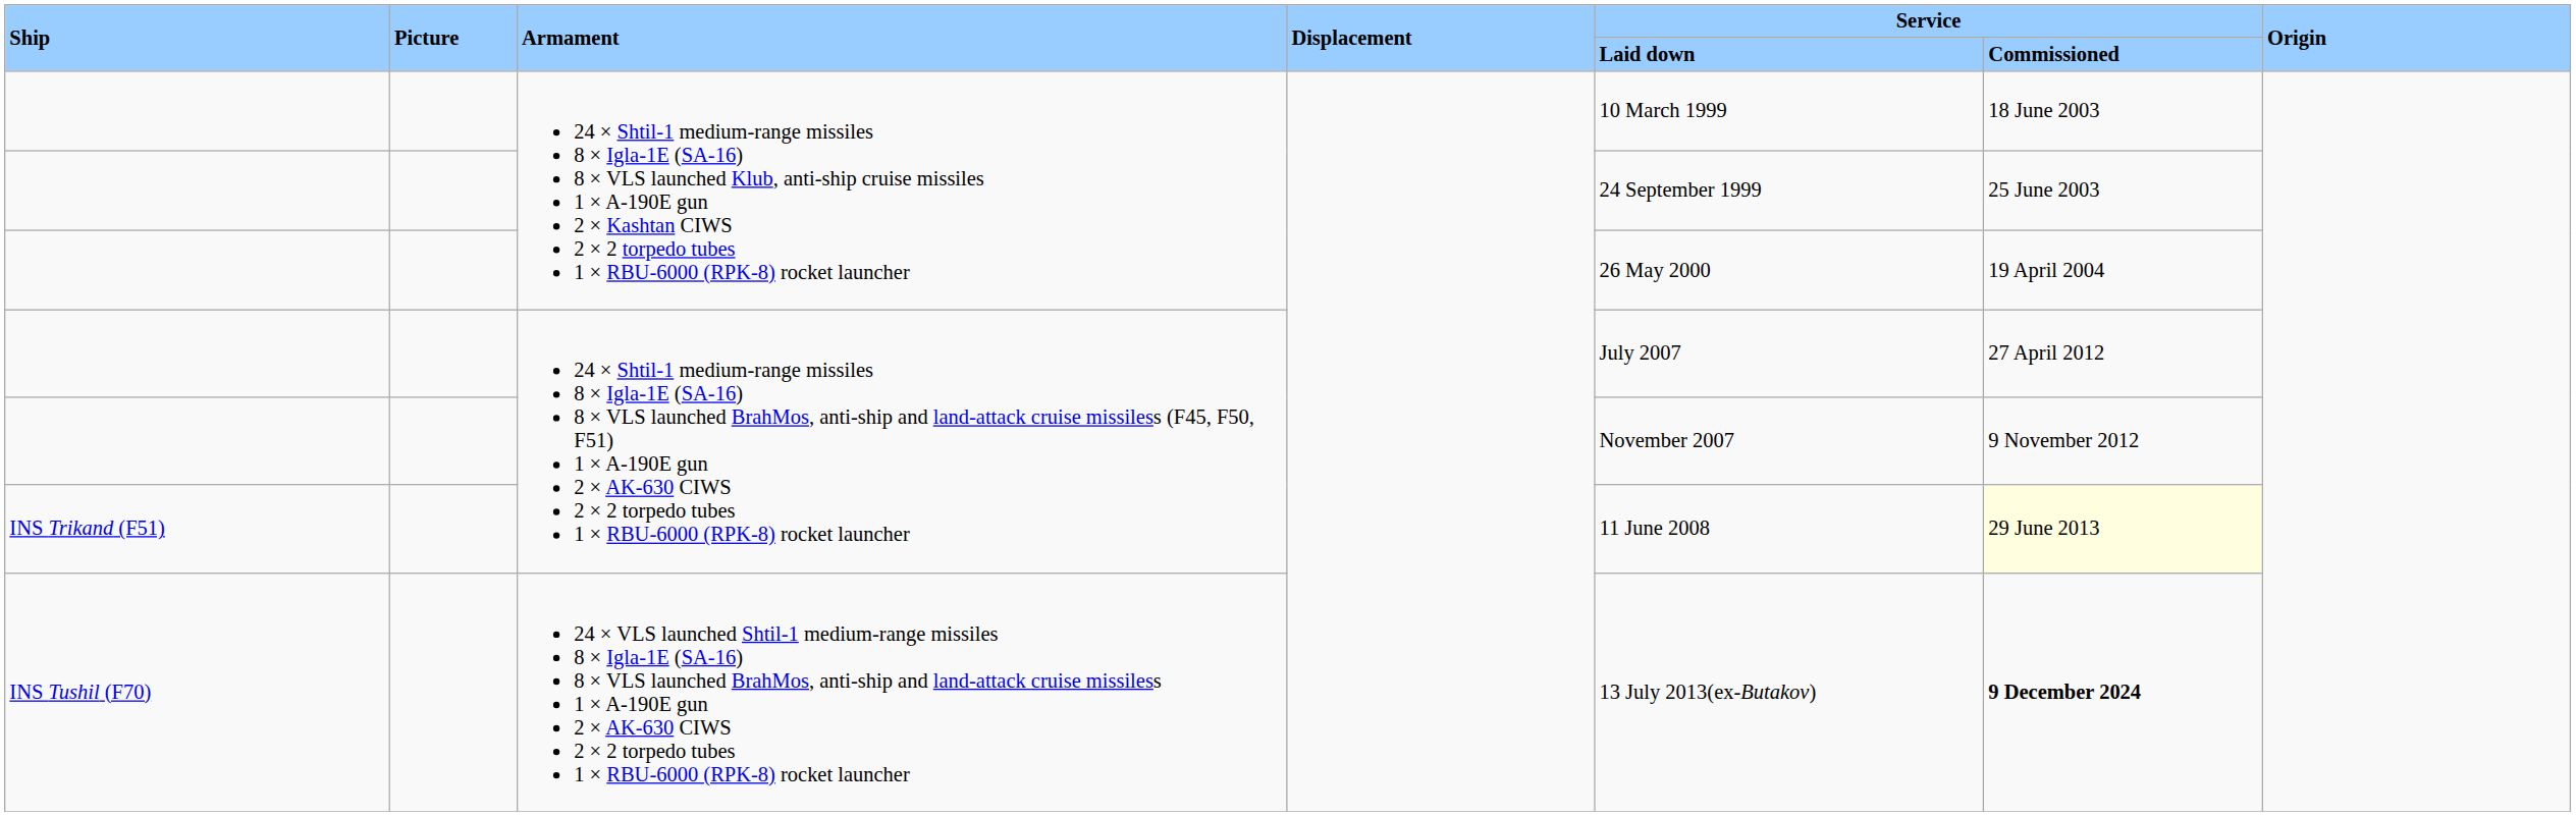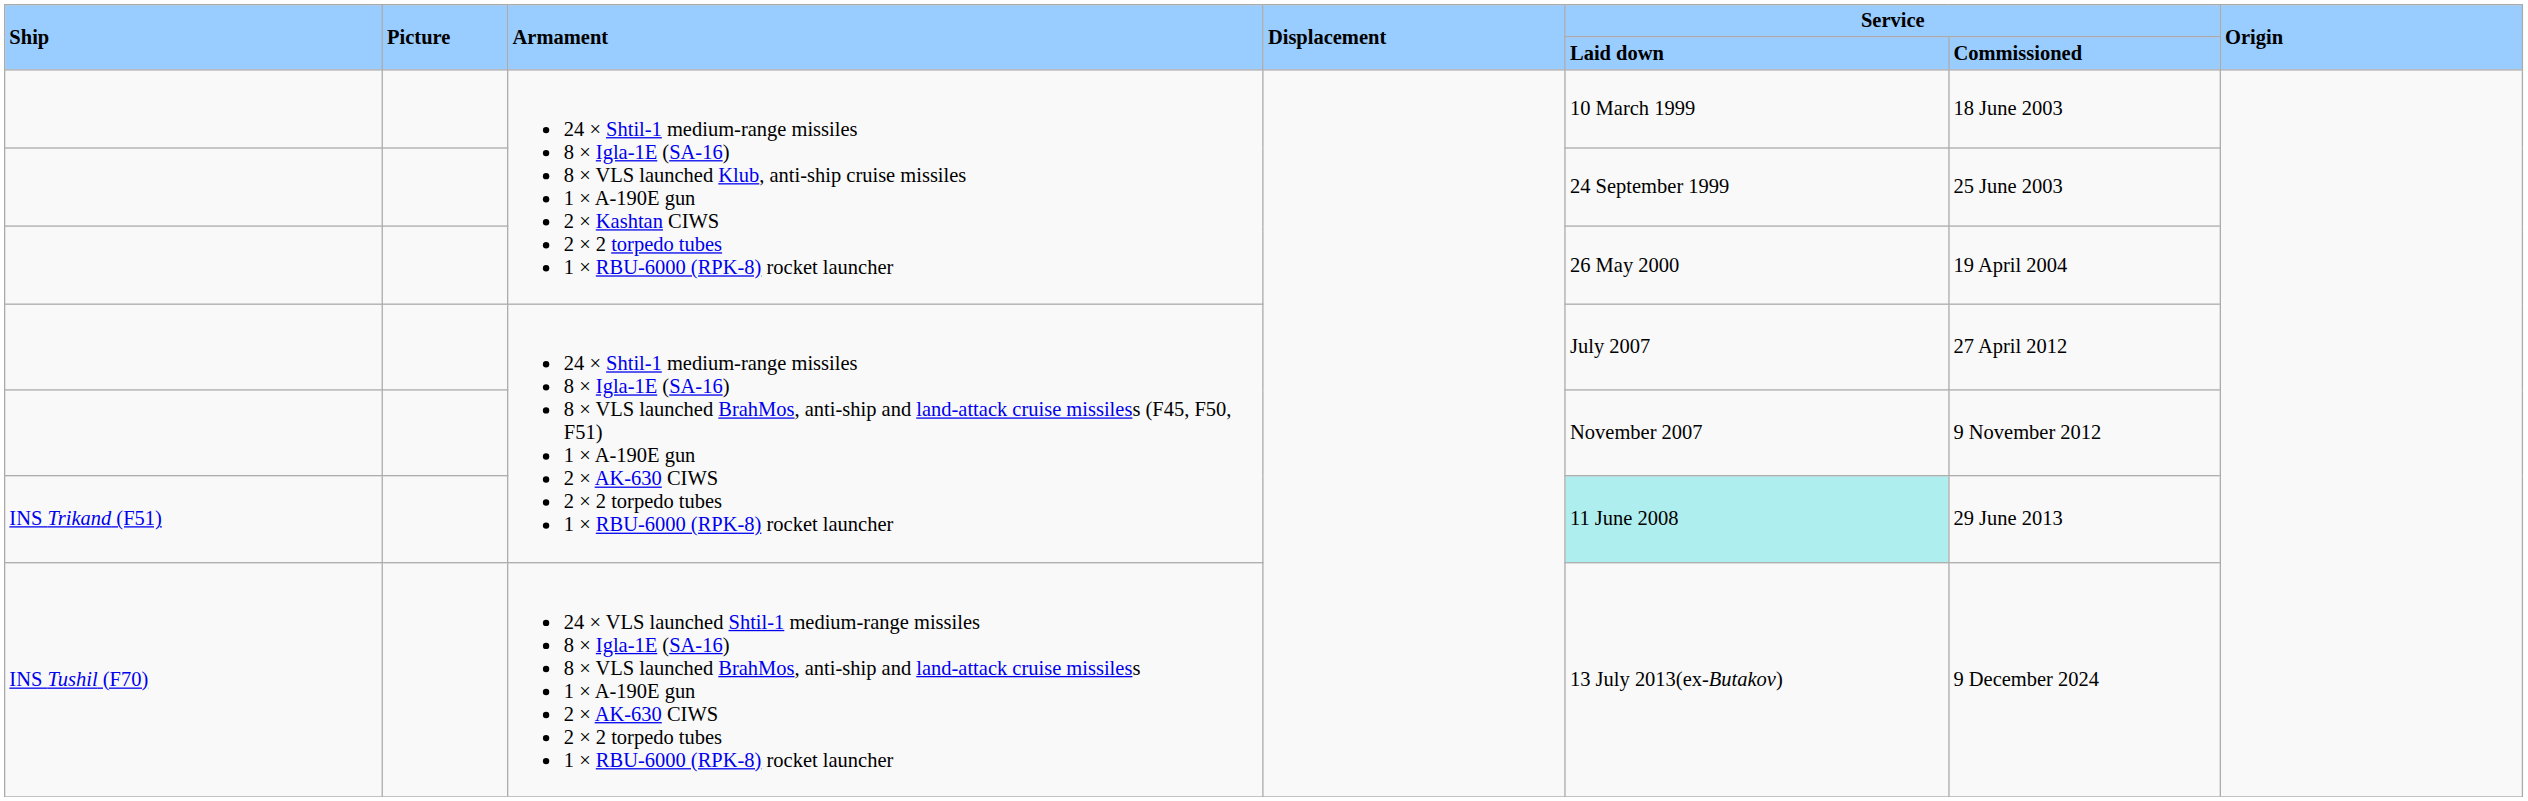 <table class="wikitable">
 <tr>
 <th align= center scope=col rowspan=2 style="text-align:left; width:15%; background:#9cf;"><div>Ship</div></th>
 <th align= center scope=col rowspan=2 style="text-align:left; background:#9cf;"><div>Picture</div></th>
 <th align= center scope=col rowspan=2 style="text-align:left; width:30%; background:#9cf;"><div>Armament</div></th>
 <th align= center scope=col rowspan=2 style="text-align:left; width:12%; background:#9cf;"><div>Displacement</div></th>
 <th align= center scope=col colspan=2 style="text-align:center; background:#9cf;"><div>Service</div></th>
 <th align= center scope=col rowspan=2 style="text-align:left; width:12%; background:#9cf;"><div>Origin</div></th>
 </tr>
 <tr>
 <th align= center scope=col style="text-align:left; background:#9cf;"><div>Laid down</div></th>
 <th align= center scope=col style="text-align:left; background:#9cf;"><div>Commissioned</div></th>
 </tr>
 <tr>
 <td></td>
 <td></td>
 <td rowspan=3><br><ul><li>24 × <a href='#'>Shtil-1</a> medium-range missiles</li><li>8 × <a href='#'>Igla-1E</a> (<a href='#'>SA-16</a>)</li><li>8 × VLS launched <a href='#'>Klub</a>, anti-ship cruise missiles</li><li>1 ×   A-190E gun</li><li>2 × <a href='#'>Kashtan</a> CIWS</li><li>2 × 2  <a href='#'>torpedo tubes</a></li><li>1 × <a href='#'>RBU-6000 (RPK-8)</a> rocket launcher</li></ul></td>
 <td rowspan="7"></td>
 <td>10 March 1999</td>
 <td>18 June 2003</td>
 <td rowspan="7"></td>
 </tr>
 <tr>
 <td></td>
 <td></td>
 <td>24 September 1999</td>
 <td>25 June 2003</td>
 </tr>
 <tr>
 <td></td>
 <td></td>
 <td>26 May 2000</td>
 <td>19 April 2004</td>
 </tr>
 <tr>
 <td></td>
 <td></td>
 <td rowspan=3><br><ul><li>24 × <a href='#'>Shtil-1</a> medium-range missiles</li><li>8 × <a href='#'>Igla-1E</a> (<a href='#'>SA-16</a>)</li><li>8 × VLS launched <a href='#'>BrahMos</a>, anti-ship and <a href='#'>land-attack cruise missiles</a>s (F45, F50, F51)</li><li>1 ×   A-190E gun</li><li>2 × <a href='#'>AK-630</a> CIWS</li><li>2 × 2  torpedo tubes</li><li>1 × <a href='#'>RBU-6000 (RPK-8)</a> rocket launcher</li></ul></td>
 <td>July 2007</td>
 <td>27 April 2012</td>
 </tr>
 <tr>
 <td></td>
 <td></td>
 <td>November 2007</td>
 <td>9 November 2012</td>
 </tr>
 <tr>
 <td><a href='#'>INS <em>Trikand</em> (F51)</a></td>
 <td></td>
-<td>11 June 2008</td>
-<td style="background: lightyellow;">29 June 2013</td>
+<td style="background: paleturquoise;">11 June 2008</td>
+<td>29 June 2013</td>
 </tr>
 <tr>
 <td><a href='#'>INS <em>Tushil</em> (F70)</a></td>
 <td></td>
 <td><br><ul><li>24 × VLS launched <a href='#'>Shtil-1</a> medium-range missiles</li><li>8 × <a href='#'>Igla-1E</a> (<a href='#'>SA-16</a>)</li><li>8 × VLS launched <a href='#'>BrahMos</a>, anti-ship and <a href='#'>land-attack cruise missiles</a>s</li><li>1 ×   A-190E gun</li><li>2 × <a href='#'>AK-630</a> CIWS</li><li>2 × 2  torpedo tubes</li><li>1 × <a href='#'>RBU-6000 (RPK-8)</a> rocket launcher</li></ul></td>
 <td>13 July 2013(ex-<em>Butakov</em>)</td>
-<td><strong>9 December 2024</strong></td>
+<td>9 December 2024</td>
 </tr>
 </table>
